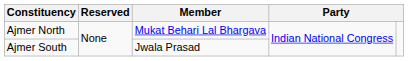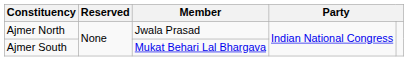 <table class="wikitable sortable">
 <tr>
 <th>Constituency</th>
 <th>Reserved</th>
 <th>Member</th>
 <th colspan=2>Party</th>
 </tr>
 <tr>
 <td>Ajmer North</td>
 <td rowspan=2>None</td>
-<td><a href='#'>Mukat Behari Lal Bhargava</a></td>
+<td>Jwala Prasad</td>
 <td rowspan=2><a href='#'>Indian National Congress</a></td>
 <td rowspan=2 width="4px" style="background-color: "></td>
 </tr>
 <tr>
 <td>Ajmer South</td>
-<td>Jwala Prasad</td>
+<td><a href='#'>Mukat Behari Lal Bhargava</a></td>
 </tr>
 </table>
